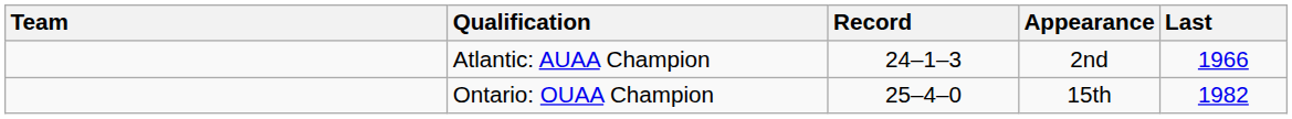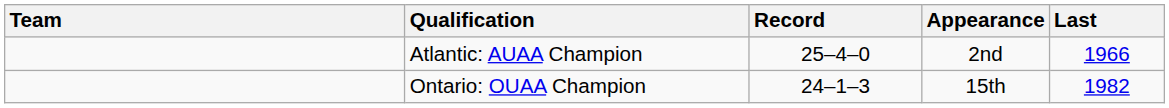 <table class="wikitable sortable" style="text-align: center;" width=900>
 <tr style="background:#efefef; text-align:center">
 <th style="text-align:left" width=35%>Team</th>
 <th style="text-align:left" width=30%>Qualification</th>
 <th style="text-align:left" width=15%>Record</th>
 <th style="text-align:left" width=10%>Appearance</th>
 <th style="text-align:left" width=10%>Last</th>
 </tr>
 <tr style="text-align:center">
 <td style="text-align:left; "><a href='#'></a></td>
 <td style="text-align:left">Atlantic: <a href='#'>AUAA</a> Champion</td>
-<td style="text-align:center">24–1–3</td>
+<td style="text-align:center">25–4–0</td>
 <td style="text-align:center">2nd</td>
 <td style="text-align:center"><a href='#'>1966</a></td>
 </tr>
 <tr style="text-align:center">
 <td style="text-align:left; "><a href='#'></a></td>
 <td style="text-align:left">Ontario: <a href='#'>OUAA</a> Champion</td>
-<td style="text-align:center">25–4–0</td>
+<td style="text-align:center">24–1–3</td>
 <td style="text-align:center">15th</td>
 <td style="text-align:center"><a href='#'>1982</a></td>
 </tr>
 </table>
